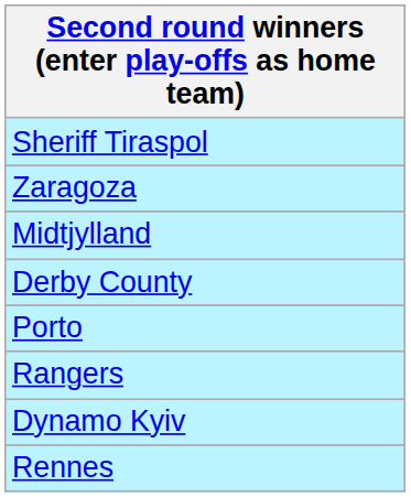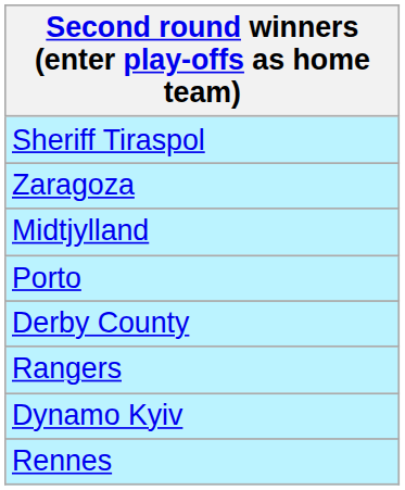 <table class="wikitable">
 <tr>
 <th width=210><a href='#'>Second round</a> winners<br>(enter <a href='#'>play-offs</a> as home team)</th>
 </tr>
 <tr>
 <td bgcolor=#BBF3FF> <a href='#'>Sheriff Tiraspol</a></td>
 </tr>
 <tr>
 <td bgcolor=#BBF3FF> <a href='#'>Zaragoza</a></td>
 </tr>
 <tr>
 <td bgcolor=#BBF3FF> <a href='#'>Midtjylland</a></td>
 </tr>
 <tr>
-<td bgcolor=#BBF3FF> <a href='#'>Derby County</a></td>
+<td bgcolor=#BBF3FF> <a href='#'>Porto</a></td>
 </tr>
 <tr>
-<td bgcolor=#BBF3FF> <a href='#'>Porto</a></td>
+<td bgcolor=#BBF3FF> <a href='#'>Derby County</a></td>
 </tr>
 <tr>
 <td bgcolor=#BBF3FF> <a href='#'>Rangers</a></td>
 </tr>
 <tr>
 <td bgcolor=#BBF3FF> <a href='#'>Dynamo Kyiv</a></td>
 </tr>
 <tr>
 <td bgcolor=#BBF3FF> <a href='#'>Rennes</a></td>
 </tr>
 </table>
